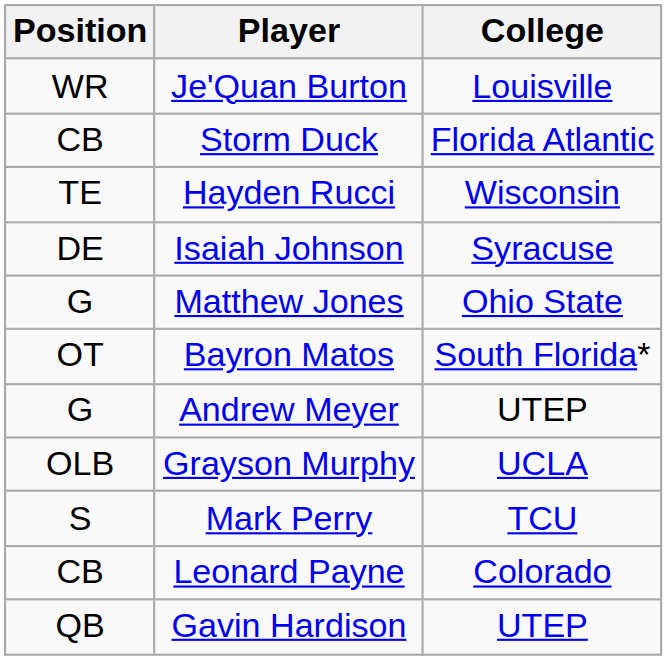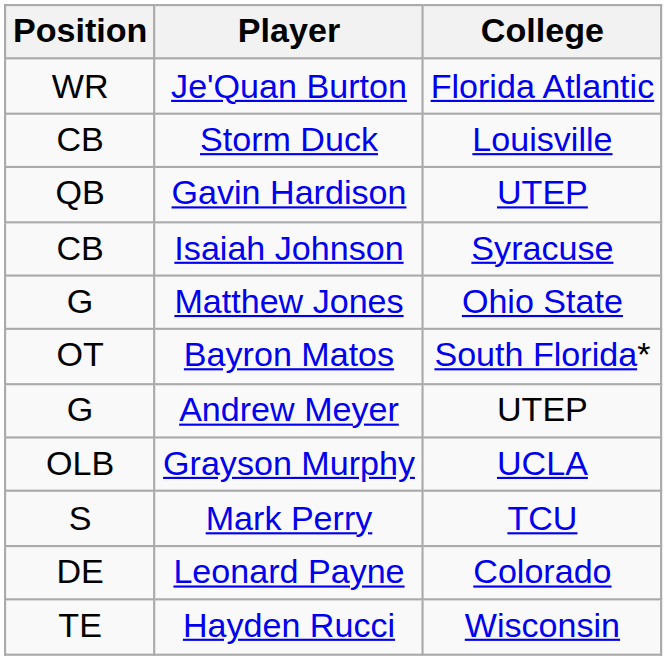 <table class="wikitable" style="text-align:center">
 <tr>
 <th>Position</th>
 <th>Player</th>
 <th>College</th>
 </tr>
 <tr>
 <td>WR</td>
 <td scope="row"><a href='#'>Je'Quan Burton</a></td>
-<td><a href='#'>Louisville</a></td>
+<td><a href='#'>Florida Atlantic</a></td>
 </tr>
 <tr>
 <td>CB</td>
 <td scope="row"><a href='#'>Storm Duck</a></td>
-<td><a href='#'>Florida Atlantic</a></td>
+<td><a href='#'>Louisville</a></td>
 </tr>
 <tr>
-<td>TE</td>
-<td scope="row"><a href='#'>Hayden Rucci</a></td>
-<td><a href='#'>Wisconsin</a></td>
+<td>QB</td>
+<td scope="row"><a href='#'>Gavin Hardison</a></td>
+<td><a href='#'>UTEP</a></td>
 </tr>
 <tr>
-<td>DE</td>
+<td>CB</td>
 <td scope="row"><a href='#'>Isaiah Johnson</a></td>
 <td><a href='#'>Syracuse</a></td>
 </tr>
 <tr>
 <td>G</td>
 <td scope="row"><a href='#'>Matthew Jones</a></td>
 <td><a href='#'>Ohio State</a></td>
 </tr>
 <tr>
 <td>OT</td>
 <td scope="row"><a href='#'>Bayron Matos</a></td>
 <td><a href='#'>South Florida</a>*</td>
 </tr>
 <tr>
 <td>G</td>
 <td scope="row"><a href='#'>Andrew Meyer</a></td>
 <td>UTEP</td>
 </tr>
 <tr>
 <td>OLB</td>
 <td scope="row"><a href='#'>Grayson Murphy</a></td>
 <td><a href='#'>UCLA</a></td>
 </tr>
 <tr>
 <td>S</td>
 <td scope="row"><a href='#'>Mark Perry</a></td>
 <td><a href='#'>TCU</a></td>
 </tr>
 <tr>
-<td>CB</td>
+<td>DE</td>
 <td scope="row"><a href='#'>Leonard Payne</a></td>
 <td><a href='#'>Colorado</a></td>
 </tr>
 <tr>
-<td>QB</td>
-<td scope="row"><a href='#'>Gavin Hardison</a></td>
-<td><a href='#'>UTEP</a></td>
+<td>TE</td>
+<td scope="row"><a href='#'>Hayden Rucci</a></td>
+<td><a href='#'>Wisconsin</a></td>
 </tr>
 </table>
